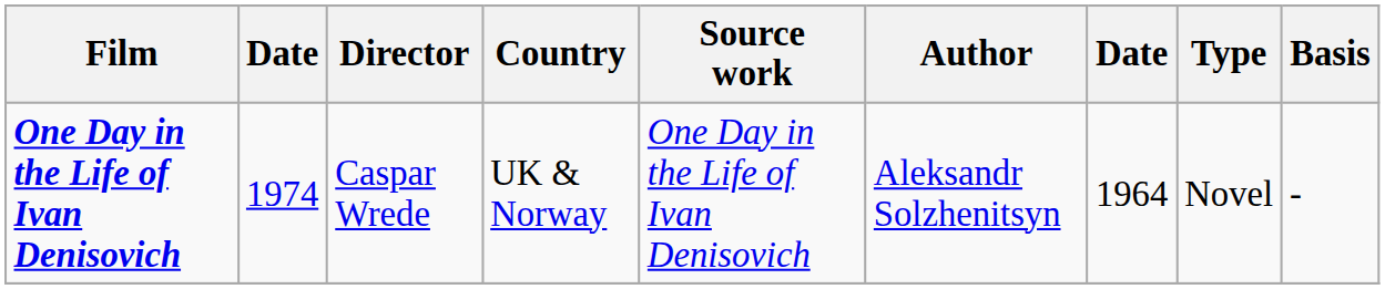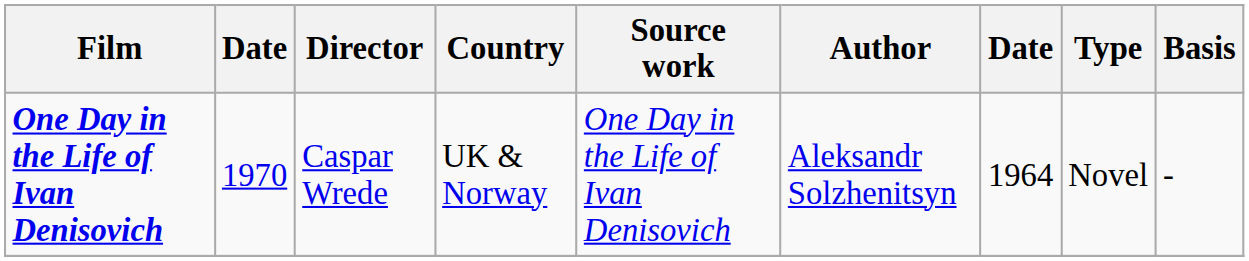 <table class="wikitable">
 <tr>
 <th>Film</th>
 <th>Date</th>
 <th>Director</th>
 <th>Country</th>
 <th>Source<br>work</th>
 <th>Author</th>
 <th>Date</th>
 <th>Type</th>
 <th>Basis</th>
 </tr>
 <tr>
 <td><strong><em><a href='#'>One Day in the Life of Ivan Denisovich</a></em></strong></td>
-<td><a href='#'>1974</a></td>
+<td><a href='#'>1970</a></td>
 <td><a href='#'>Caspar Wrede</a></td>
 <td>UK & <a href='#'>Norway</a></td>
 <td><em><a href='#'>One Day in the Life of Ivan Denisovich</a></em></td>
 <td><a href='#'>Aleksandr Solzhenitsyn</a></td>
 <td>1964</td>
 <td>Novel</td>
 <td>-</td>
 </tr>
 <tr>
 </tr>
 </table>
